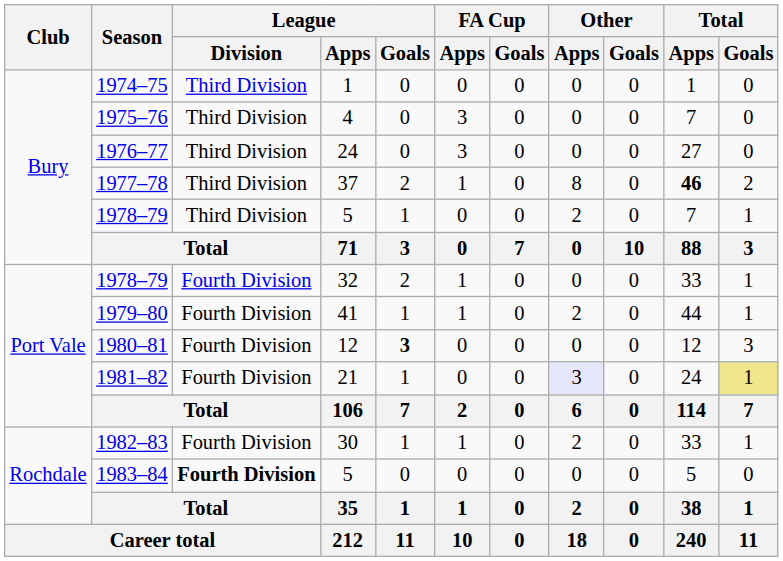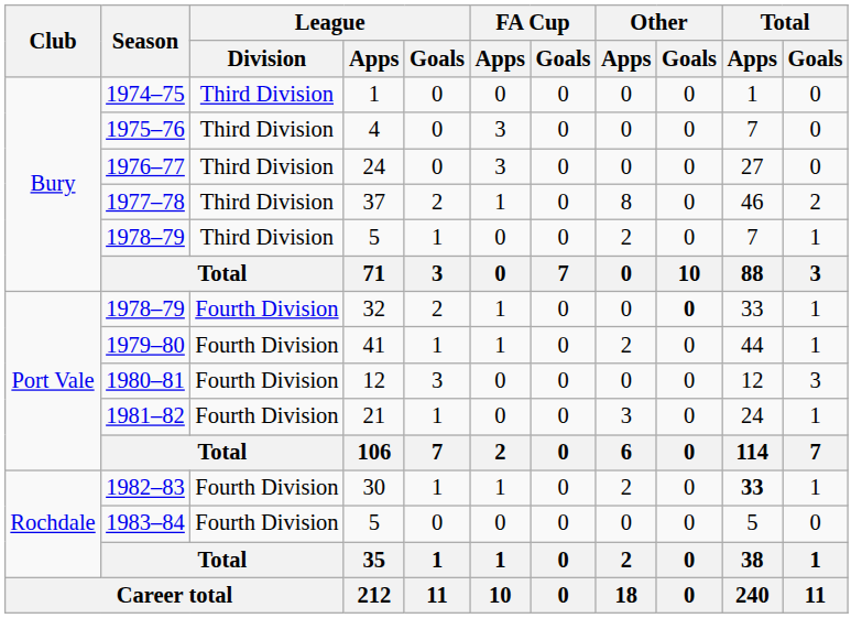 <table class="wikitable" style="text-align: center;">
 <tr>
 <th rowspan="2">Club</th>
 <th rowspan="2">Season</th>
 <th colspan="3">League</th>
 <th colspan="2">FA Cup</th>
 <th colspan="2">Other</th>
 <th colspan="2">Total</th>
 </tr>
 <tr>
 <th>Division</th>
 <th>Apps</th>
 <th>Goals</th>
 <th>Apps</th>
 <th>Goals</th>
 <th>Apps</th>
 <th>Goals</th>
 <th>Apps</th>
 <th>Goals</th>
 </tr>
 <tr>
 <td rowspan="6"><a href='#'>Bury</a></td>
 <td><a href='#'>1974–75</a></td>
 <td><a href='#'>Third Division</a></td>
 <td>1</td>
 <td>0</td>
 <td>0</td>
 <td>0</td>
 <td>0</td>
 <td>0</td>
 <td>1</td>
 <td>0</td>
 </tr>
 <tr>
 <td><a href='#'>1975–76</a></td>
 <td>Third Division</td>
 <td>4</td>
 <td>0</td>
 <td>3</td>
 <td>0</td>
 <td>0</td>
 <td>0</td>
 <td>7</td>
 <td>0</td>
 </tr>
 <tr>
 <td><a href='#'>1976–77</a></td>
 <td>Third Division</td>
 <td>24</td>
 <td>0</td>
 <td>3</td>
 <td>0</td>
 <td>0</td>
 <td>0</td>
 <td>27</td>
 <td>0</td>
 </tr>
 <tr>
 <td><a href='#'>1977–78</a></td>
 <td>Third Division</td>
 <td>37</td>
 <td>2</td>
 <td>1</td>
 <td>0</td>
 <td>8</td>
 <td>0</td>
-<td><strong>46</strong></td>
+<td>46</td>
 <td>2</td>
 </tr>
 <tr>
 <td><a href='#'>1978–79</a></td>
 <td>Third Division</td>
 <td>5</td>
 <td>1</td>
 <td>0</td>
 <td>0</td>
 <td>2</td>
 <td>0</td>
 <td>7</td>
 <td>1</td>
 </tr>
 <tr>
 <th colspan="2">Total</th>
 <th>71</th>
 <th>3</th>
 <th>0</th>
 <th>7</th>
 <th>0</th>
 <th>10</th>
 <th>88</th>
 <th>3</th>
 </tr>
 <tr>
 <td rowspan="5"><a href='#'>Port Vale</a></td>
 <td><a href='#'>1978–79</a></td>
 <td><a href='#'>Fourth Division</a></td>
 <td>32</td>
 <td>2</td>
 <td>1</td>
 <td>0</td>
 <td>0</td>
-<td>0</td>
+<td><strong>0</strong></td>
 <td>33</td>
 <td>1</td>
 </tr>
 <tr>
 <td><a href='#'>1979–80</a></td>
 <td>Fourth Division</td>
 <td>41</td>
 <td>1</td>
 <td>1</td>
 <td>0</td>
 <td>2</td>
 <td>0</td>
 <td>44</td>
 <td>1</td>
 </tr>
 <tr>
 <td><a href='#'>1980–81</a></td>
 <td>Fourth Division</td>
 <td>12</td>
-<td><strong>3</strong></td>
+<td>3</td>
 <td>0</td>
 <td>0</td>
 <td>0</td>
 <td>0</td>
 <td>12</td>
 <td>3</td>
 </tr>
 <tr>
 <td><a href='#'>1981–82</a></td>
 <td>Fourth Division</td>
 <td>21</td>
 <td>1</td>
 <td>0</td>
 <td>0</td>
-<td style="background: lavender;">3</td>
+<td>3</td>
 <td>0</td>
 <td>24</td>
-<td style="background: khaki;">1</td>
+<td>1</td>
 </tr>
 <tr>
 <th colspan="2">Total</th>
 <th>106</th>
 <th>7</th>
 <th>2</th>
 <th>0</th>
 <th>6</th>
 <th>0</th>
 <th>114</th>
 <th>7</th>
 </tr>
 <tr>
 <td rowspan="3"><a href='#'>Rochdale</a></td>
 <td><a href='#'>1982–83</a></td>
 <td>Fourth Division</td>
 <td>30</td>
 <td>1</td>
 <td>1</td>
 <td>0</td>
 <td>2</td>
 <td>0</td>
-<td>33</td>
+<td><strong>33</strong></td>
 <td>1</td>
 </tr>
 <tr>
 <td><a href='#'>1983–84</a></td>
-<td><strong>Fourth Division</strong></td>
+<td>Fourth Division</td>
 <td>5</td>
 <td>0</td>
 <td>0</td>
 <td>0</td>
 <td>0</td>
 <td>0</td>
 <td>5</td>
 <td>0</td>
 </tr>
 <tr>
 <th colspan="2">Total</th>
 <th>35</th>
 <th>1</th>
 <th>1</th>
 <th>0</th>
 <th>2</th>
 <th>0</th>
 <th>38</th>
 <th>1</th>
 </tr>
 <tr>
 <th colspan="3">Career total</th>
 <th>212</th>
 <th>11</th>
 <th>10</th>
 <th>0</th>
 <th>18</th>
 <th>0</th>
 <th>240</th>
 <th>11</th>
 </tr>
 </table>
